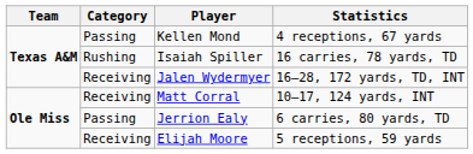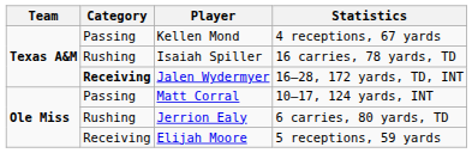 <table class="wikitable" style="float: right;">
 <tr>
 <th>Team</th>
 <th>Category</th>
 <th>Player</th>
 <th>Statistics</th>
 </tr>
 <tr>
 <td rowspan=3><strong>Texas A&M</strong></td>
 <td>Passing</td>
 <td>Kellen Mond</td>
 <td>4 receptions, 67 yards</td>
 </tr>
 <tr>
 <td>Rushing</td>
 <td>Isaiah Spiller</td>
 <td>16 carries, 78 yards, TD</td>
 </tr>
 <tr>
-<td>Receiving</td>
+<td><strong>Receiving</strong></td>
 <td><a href='#'>Jalen Wydermyer</a></td>
 <td>16–28, 172 yards, TD, INT</td>
 </tr>
 <tr>
 <td rowspan=3><strong>Ole Miss</strong></td>
-<td>Receiving</td>
+<td>Passing</td>
 <td><a href='#'>Matt Corral</a></td>
 <td>10–17, 124 yards, INT</td>
 </tr>
 <tr>
-<td>Passing</td>
+<td>Rushing</td>
 <td><a href='#'>Jerrion Ealy</a></td>
 <td>6 carries, 80 yards, TD</td>
 </tr>
 <tr>
 <td>Receiving</td>
 <td><a href='#'>Elijah Moore</a></td>
 <td>5 receptions, 59 yards</td>
 </tr>
 </table>
